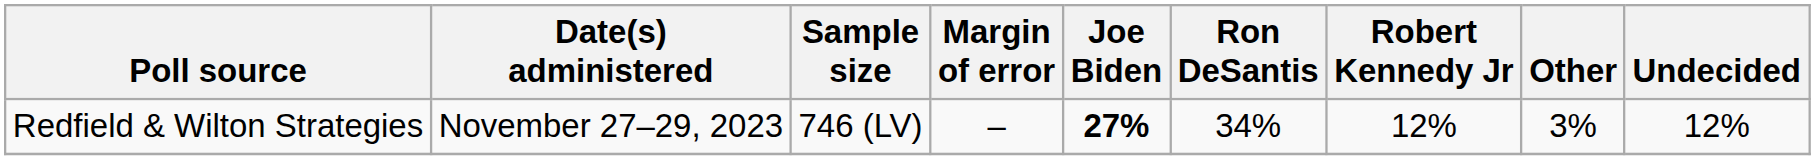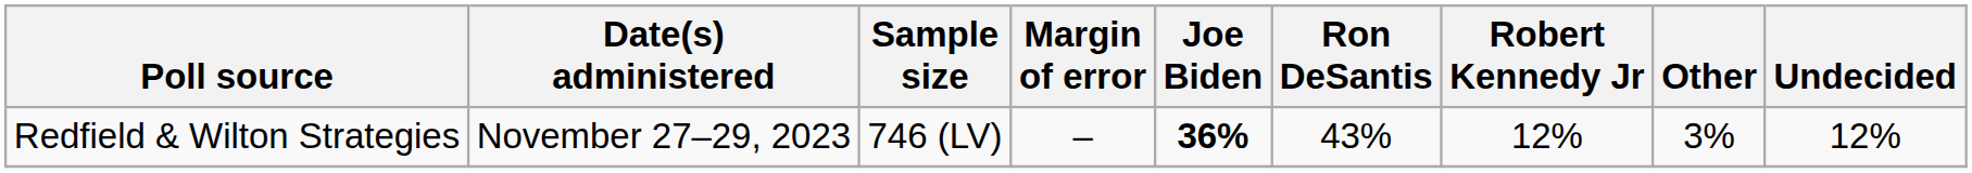 <table class="wikitable sortable mw-datatable" style="font-size:90%;text-align:center;line-height:17px">
 <tr valign=bottom>
 <th>Poll source</th>
 <th>Date(s)<br>administered</th>
 <th>Sample<br>size</th>
 <th>Margin<br>of error</th>
 <th class="unsortable">Joe<br>Biden<br></th>
 <th class="unsortable">Ron<br>DeSantis<br></th>
 <th class="unsortable">Robert<br>Kennedy Jr<br></th>
 <th class="unsortable">Other</th>
 <th class="unsortable">Undecided</th>
 </tr>
 <tr>
 <td style="text-align:left;">Redfield & Wilton Strategies</td>
 <td data-sort-value="2023-12-05">November 27–29, 2023</td>
 <td>746 (LV)</td>
 <td>–</td>
-<td style="color:black;background-color:"><strong>27%</strong></td>
-<td>34%</td>
+<td style="color:black;background-color:"><strong>36%</strong></td>
+<td>43%</td>
 <td>12%</td>
 <td>3%</td>
 <td>12%</td>
 </tr>
 <tr>
 </tr>
 </table>
